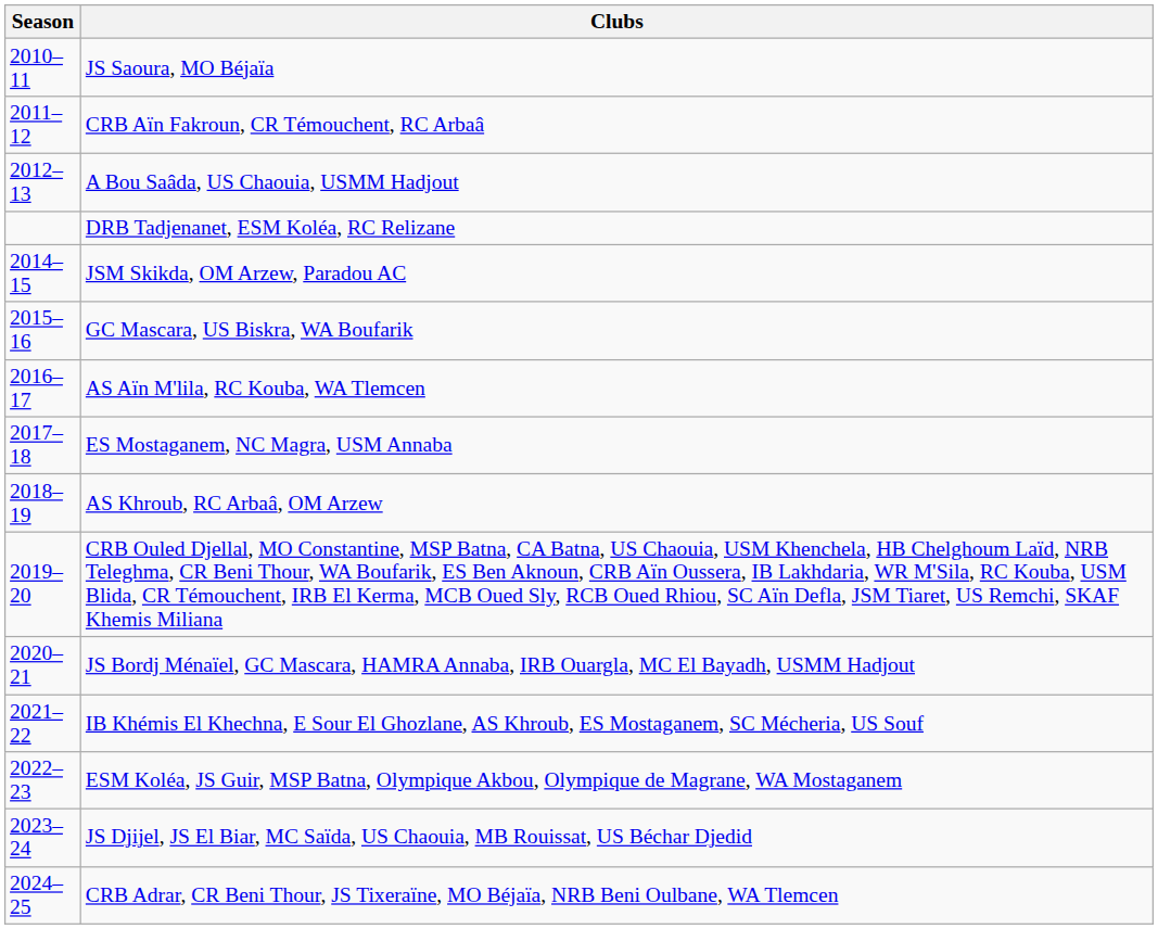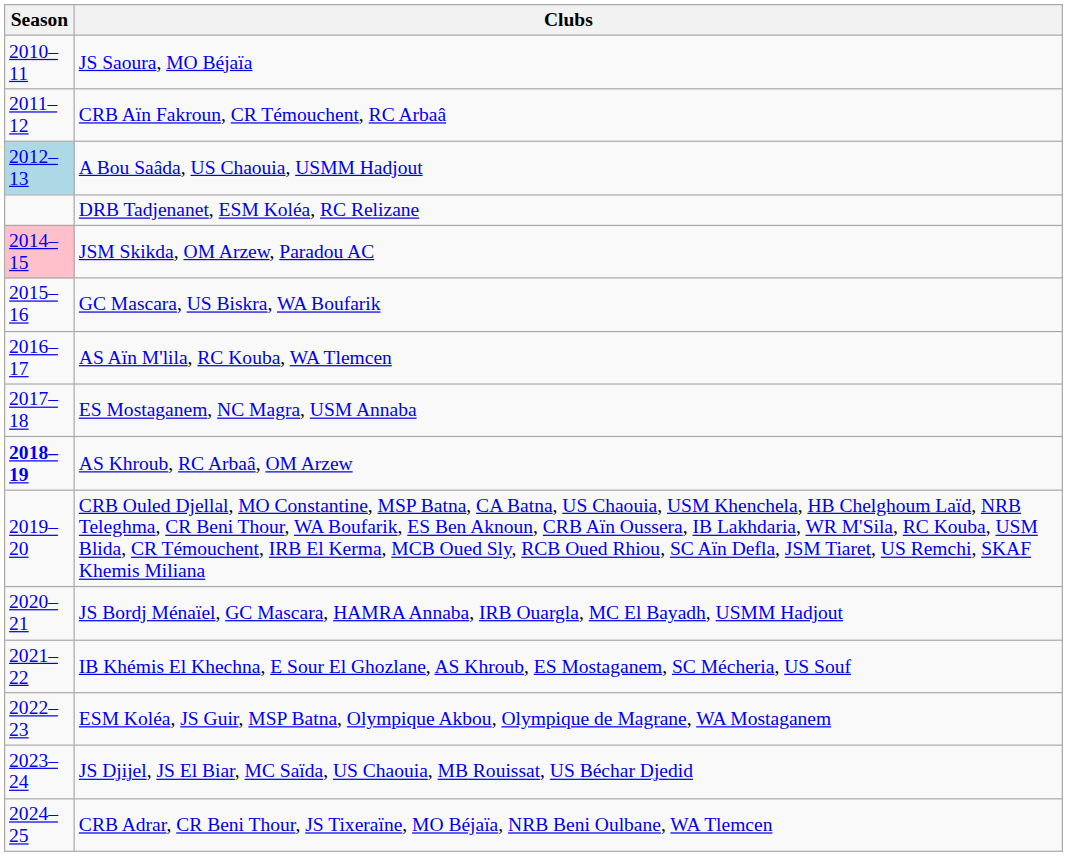 <table class="wikitable" style="text-align:left;">
 <tr>
 <th>Season</th>
 <th>Clubs</th>
 </tr>
 <tr>
 <td><a href='#'>2010–11</a></td>
 <td><a href='#'>JS Saoura</a>, <a href='#'>MO Béjaïa</a></td>
 </tr>
 <tr>
 <td><a href='#'>2011–12</a></td>
 <td><a href='#'>CRB Aïn Fakroun</a>, <a href='#'>CR Témouchent</a>, <a href='#'>RC Arbaâ</a></td>
 </tr>
 <tr>
-<td><a href='#'>2012–13</a></td>
+<td style="background: lightblue;"><a href='#'>2012–13</a></td>
 <td><a href='#'>A Bou Saâda</a>, <a href='#'>US Chaouia</a>, <a href='#'>USMM Hadjout</a></td>
 </tr>
 <tr>
 <td><a href='#'></a></td>
 <td><a href='#'>DRB Tadjenanet</a>, <a href='#'>ESM Koléa</a>, <a href='#'>RC Relizane</a></td>
 </tr>
 <tr>
-<td><a href='#'>2014–15</a></td>
+<td style="background: pink;"><a href='#'>2014–15</a></td>
 <td><a href='#'>JSM Skikda</a>, <a href='#'>OM Arzew</a>, <a href='#'>Paradou AC</a></td>
 </tr>
 <tr>
 <td><a href='#'>2015–16</a></td>
 <td><a href='#'>GC Mascara</a>, <a href='#'>US Biskra</a>, <a href='#'>WA Boufarik</a></td>
 </tr>
 <tr>
 <td><a href='#'>2016–17</a></td>
 <td><a href='#'>AS Aïn M'lila</a>, <a href='#'>RC Kouba</a>, <a href='#'>WA Tlemcen</a></td>
 </tr>
 <tr>
 <td><a href='#'>2017–18</a></td>
 <td><a href='#'>ES Mostaganem</a>, <a href='#'>NC Magra</a>, <a href='#'>USM Annaba</a></td>
 </tr>
 <tr>
-<td><a href='#'>2018–19</a></td>
+<td><strong><a href='#'>2018–19</a></strong></td>
 <td><a href='#'>AS Khroub</a>, <a href='#'>RC Arbaâ</a>, <a href='#'>OM Arzew</a></td>
 </tr>
 <tr>
 <td><a href='#'>2019–20</a></td>
 <td><a href='#'>CRB Ouled Djellal</a>, <a href='#'>MO Constantine</a>, <a href='#'>MSP Batna</a>, <a href='#'>CA Batna</a>, <a href='#'>US Chaouia</a>, <a href='#'>USM Khenchela</a>, <a href='#'>HB Chelghoum Laïd</a>, <a href='#'>NRB Teleghma</a>, <a href='#'>CR Beni Thour</a>, <a href='#'>WA Boufarik</a>, <a href='#'>ES Ben Aknoun</a>, <a href='#'>CRB Aïn Oussera</a>, <a href='#'>IB Lakhdaria</a>, <a href='#'>WR M'Sila</a>, <a href='#'>RC Kouba</a>, <a href='#'>USM Blida</a>, <a href='#'>CR Témouchent</a>, <a href='#'>IRB El Kerma</a>, <a href='#'>MCB Oued Sly</a>, <a href='#'>RCB Oued Rhiou</a>, <a href='#'>SC Aïn Defla</a>, <a href='#'>JSM Tiaret</a>, <a href='#'>US Remchi</a>, <a href='#'>SKAF Khemis Miliana</a></td>
 </tr>
 <tr>
 <td><a href='#'>2020–21</a></td>
 <td><a href='#'>JS Bordj Ménaïel</a>, <a href='#'>GC Mascara</a>, <a href='#'>HAMRA Annaba</a>, <a href='#'>IRB Ouargla</a>,  <a href='#'>MC El Bayadh</a>, <a href='#'>USMM Hadjout</a></td>
 </tr>
 <tr>
 <td><a href='#'>2021–22</a></td>
 <td><a href='#'>IB Khémis El Khechna</a>, <a href='#'>E Sour El Ghozlane</a>, <a href='#'>AS Khroub</a>, <a href='#'>ES Mostaganem</a>,  <a href='#'>SC Mécheria</a>, <a href='#'>US Souf</a></td>
 </tr>
 <tr>
 <td><a href='#'>2022–23</a></td>
 <td><a href='#'>ESM Koléa</a>, <a href='#'>JS Guir</a>, <a href='#'>MSP Batna</a>, <a href='#'>Olympique Akbou</a>, <a href='#'>Olympique de Magrane</a>, <a href='#'>WA Mostaganem</a></td>
 </tr>
 <tr>
 <td><a href='#'>2023–24</a></td>
 <td><a href='#'>JS Djijel</a>, <a href='#'>JS El Biar</a>, <a href='#'>MC Saïda</a>, <a href='#'>US Chaouia</a>, <a href='#'>MB Rouissat</a>, <a href='#'>US Béchar Djedid</a></td>
 </tr>
 <tr>
 <td><a href='#'>2024–25</a></td>
 <td><a href='#'>CRB Adrar</a>, <a href='#'>CR Beni Thour</a>, <a href='#'>JS Tixeraïne</a>, <a href='#'>MO Béjaïa</a>, <a href='#'>NRB Beni Oulbane</a>, <a href='#'>WA Tlemcen</a></td>
 </tr>
 </table>
